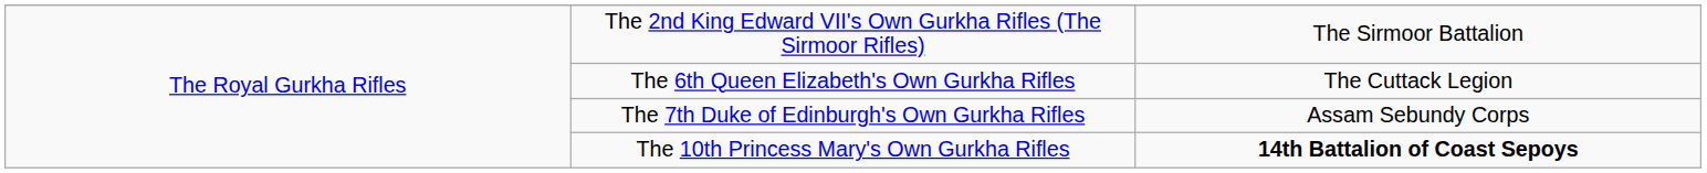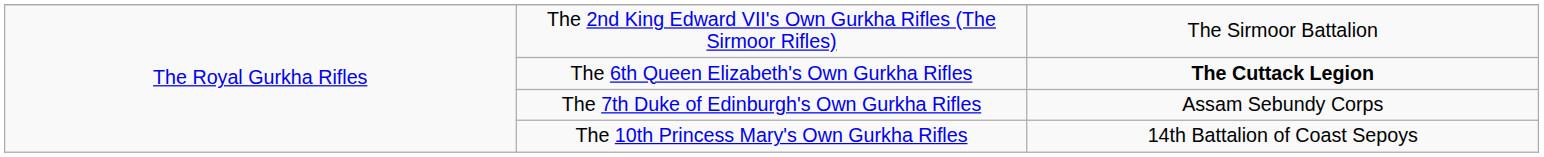 <table class="wikitable">
 <tr>
 </tr>
 <tr>
 <td width="33%" rowspan="4" align="center"><a href='#'>The Royal Gurkha Rifles</a></td>
 <td width="33%" align="center">The <a href='#'>2nd King Edward VII's Own Gurkha Rifles (The Sirmoor Rifles)</a></td>
 <td width="33%" align="center">The Sirmoor Battalion</td>
 </tr>
 <tr>
 <td width="33%" align="center">The <a href='#'>6th Queen Elizabeth's Own Gurkha Rifles</a></td>
-<td width="33%" align="center">The Cuttack Legion</td>
+<td width="33%" align="center"><strong>The Cuttack Legion</strong></td>
 </tr>
 <tr>
 <td width="33%" align="center">The <a href='#'>7th Duke of Edinburgh's Own Gurkha Rifles</a></td>
 <td width="33%" align="center">Assam Sebundy Corps</td>
 </tr>
 <tr>
 <td width="33%"  align="center">The <a href='#'>10th Princess Mary's Own Gurkha Rifles</a></td>
-<td width="33%"  align="center"><strong>14th Battalion of Coast Sepoys</strong></td>
+<td width="33%"  align="center">14th Battalion of Coast Sepoys</td>
 </tr>
 </table>
